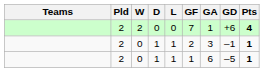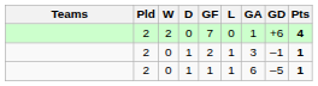 <table class="wikitable" style="text-align: center;">
 <tr>
 <th width=165>Teams</th>
 <th width=20>Pld</th>
 <th width=20>W</th>
 <th width=20>D</th>
+<th width=20>GF</th>
 <th width=20>L</th>
-<th width=20>GF</th>
 <th width=20>GA</th>
 <th width=20>GD</th>
 <th width=20>Pts</th>
 </tr>
 <tr align=center style="background:#ccffcc;">
 <td style="text-align:left;"></td>
 <td>2</td>
 <td>2</td>
 <td>0</td>
+<td>7</td>
 <td>0</td>
-<td>7</td>
 <td>1</td>
 <td>+6</td>
 <td><strong>4</strong></td>
 </tr>
 <tr align=center>
 <td style="text-align:left;"></td>
 <td>2</td>
 <td>0</td>
 <td>1</td>
+<td>2</td>
 <td>1</td>
-<td>2</td>
 <td>3</td>
 <td>–1</td>
 <td><strong>1</strong></td>
 </tr>
 <tr align=center>
 <td style="text-align:left;"></td>
 <td>2</td>
 <td>0</td>
 <td>1</td>
 <td>1</td>
 <td>1</td>
 <td>6</td>
 <td>–5</td>
 <td><strong>1</strong></td>
 </tr>
 </table>
